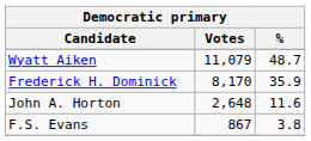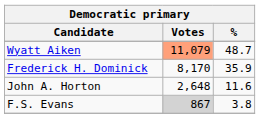 <table class="wikitable" align="left" style="margin: 1em 1em 1em 0; font-size: 95%;">
 <tr>
 <th colspan="3">Democratic primary</th>
 </tr>
 <tr>
 <th colspan="1" style="width: 170px">Candidate</th>
 <th style="width: 50px">Votes</th>
 <th style="width: 40px">%</th>
 </tr>
 <tr>
 </tr>
 <tr>
 <td><a href='#'>Wyatt Aiken</a></td>
-<td align="right">11,079</td>
+<td align="right" style="background: lightsalmon;">11,079</td>
 <td align="right">48.7</td>
 </tr>
 <tr>
 <td><a href='#'>Frederick H. Dominick</a></td>
 <td align="right">8,170</td>
 <td align="right">35.9</td>
 </tr>
 <tr>
 <td>John A. Horton</td>
 <td align="right">2,648</td>
 <td align="right">11.6</td>
 </tr>
 <tr>
 <td>F.S. Evans</td>
-<td align="right">867</td>
+<td align="right" style="background: lightgrey;">867</td>
 <td align="right">3.8</td>
 </tr>
 <tr>
 </tr>
 </table>
